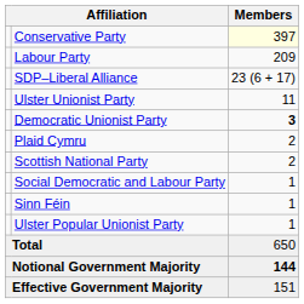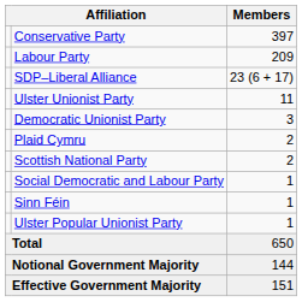 <table class="wikitable">
 <tr>
 <th valign="top" colspan=2>Affiliation</th>
 <th valign="top">Members</th>
 </tr>
 <tr>
 <td style="color:inherit;background:"></td>
 <td><a href='#'>Conservative Party</a></td>
-<td align="right" style="background: lightyellow;">397</td>
+<td align="right">397</td>
 </tr>
 <tr>
 <td style="color:inherit;background:"></td>
 <td><a href='#'>Labour Party</a></td>
 <td align="right">209</td>
 </tr>
 <tr>
 <td style="color:inherit;background:"></td>
 <td><a href='#'>SDP–Liberal Alliance</a></td>
 <td align="right">23 (6 + 17)</td>
 </tr>
 <tr>
 <td style="color:inherit;background:"></td>
 <td><a href='#'>Ulster Unionist Party</a></td>
 <td align="right">11</td>
 </tr>
 <tr>
 <td style="color:inherit;background:"></td>
 <td><a href='#'>Democratic Unionist Party</a></td>
-<td align="right"><strong>3</strong></td>
+<td align="right">3</td>
 </tr>
 <tr>
 <td style="color:inherit;background:"></td>
 <td><a href='#'>Plaid Cymru</a></td>
 <td align="right">2</td>
 </tr>
 <tr>
 <td style="color:inherit;background:"></td>
 <td><a href='#'>Scottish National Party</a></td>
 <td align="right">2</td>
 </tr>
 <tr>
 <td style="color:inherit;background:"></td>
 <td><a href='#'>Social Democratic and Labour Party</a></td>
 <td align="right">1</td>
 </tr>
 <tr>
 <td style="color:inherit;background:"></td>
 <td><a href='#'>Sinn Féin</a></td>
 <td align="right">1</td>
 </tr>
 <tr>
 <td style="color:inherit;background:"></td>
 <td><a href='#'>Ulster Popular Unionist Party</a></td>
 <td align="right">1</td>
 </tr>
 <tr style="background:#f0f0f0">
 <td colspan=2 rowspan=1> <strong>Total</strong></td>
 <td align="right">650</td>
 </tr>
 <tr style="background:#f0f0f0">
 <td colspan=2 rowspan=1> <strong>Notional Government Majority</strong></td>
-<td align="right"><strong>144</strong></td>
+<td align="right">144</td>
 </tr>
 <tr style="background:#f0f0f0">
 <td colspan=2 rowspan=1> <strong>Effective Government Majority</strong></td>
 <td align="right">151</td>
 </tr>
 </table>
